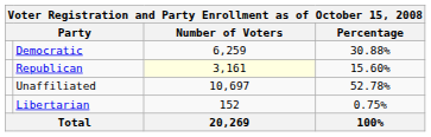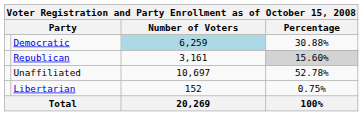 <table class=wikitable>
 <tr>
 <th colspan = 6>Voter Registration and Party Enrollment as of October 15, 2008</th>
 </tr>
 <tr>
 <th colspan = 2>Party</th>
 <th>Number of Voters</th>
 <th>Percentage</th>
 </tr>
 <tr>
 <td></td>
 <td><a href='#'>Democratic</a></td>
-<td align = center>6,259</td>
+<td align = center style="background: lightblue;">6,259</td>
 <td align = center>30.88%</td>
 </tr>
 <tr>
 <td></td>
 <td><a href='#'>Republican</a></td>
-<td align = center style="background: lightyellow;">3,161</td>
-<td align = center>15.60%</td>
+<td align = center>3,161</td>
+<td align = center style="background: lightgrey;">15.60%</td>
 </tr>
 <tr>
 <td></td>
 <td>Unaffiliated</td>
 <td align = center>10,697</td>
 <td align = center>52.78%</td>
 </tr>
 <tr>
 <td></td>
 <td><a href='#'>Libertarian</a></td>
 <td align = center>152</td>
 <td align = center>0.75%</td>
 </tr>
 <tr>
 <th colspan = 2>Total</th>
 <th align = center>20,269</th>
 <th align = center>100%</th>
 </tr>
 </table>
